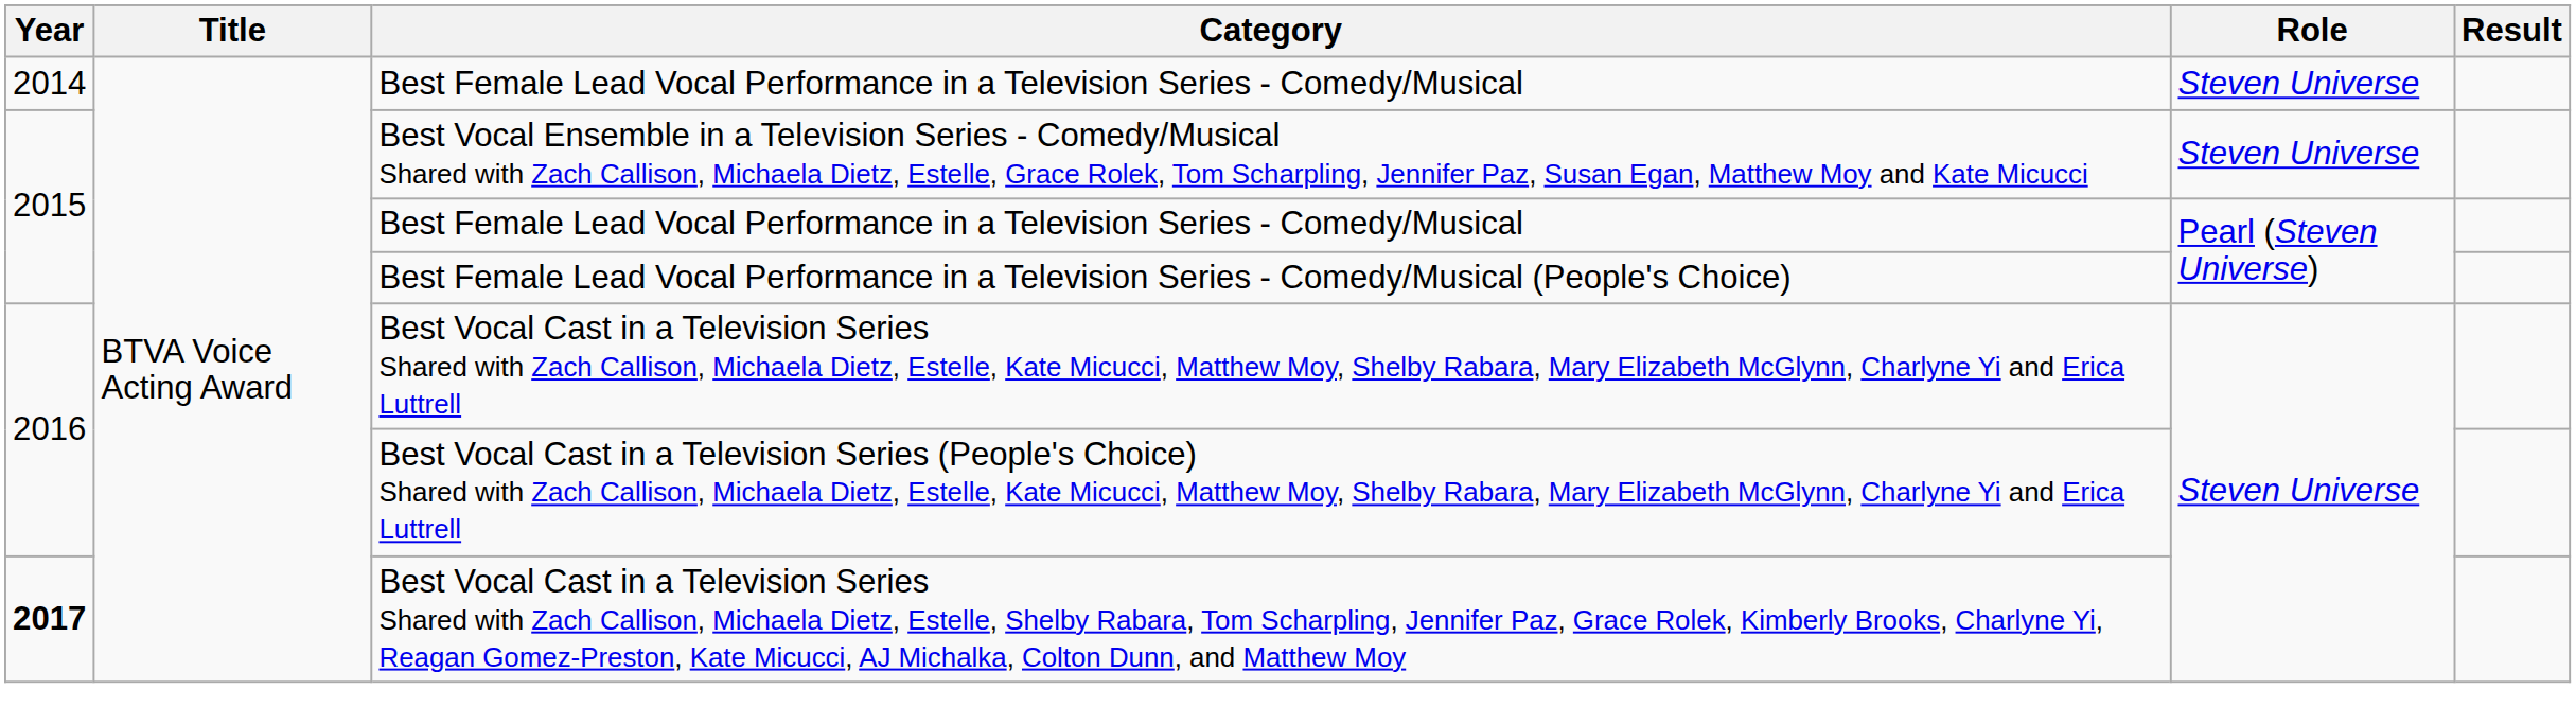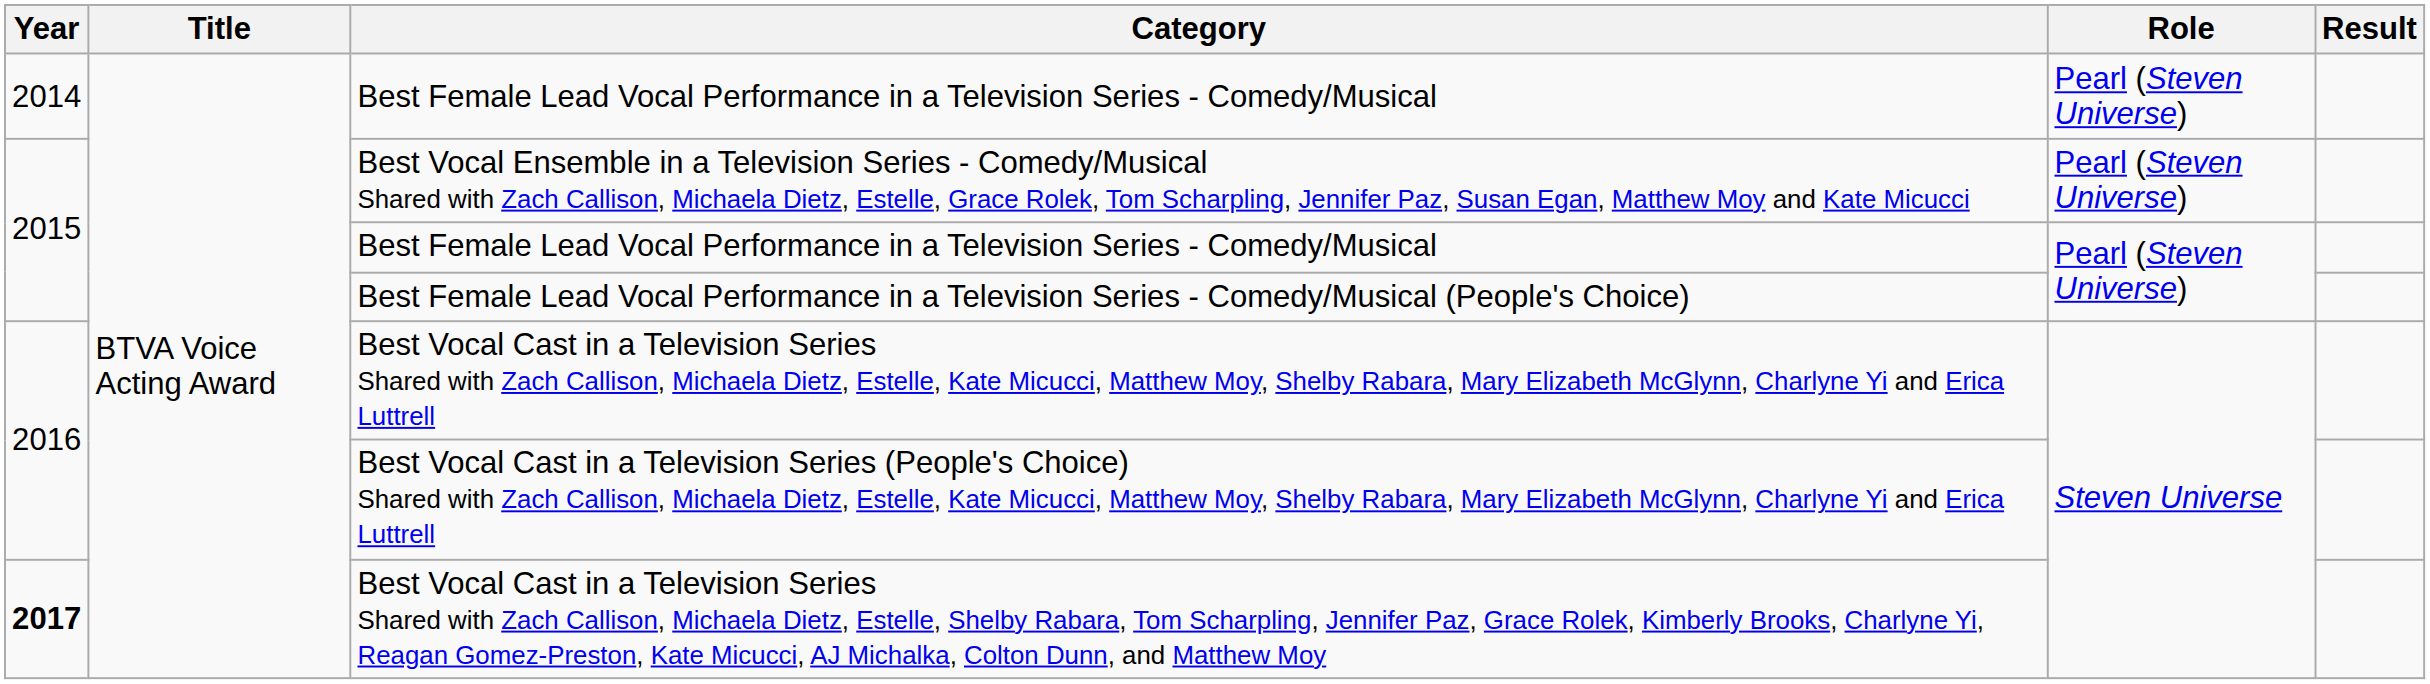 <table class="wikitable">
 <tr>
 <th>Year</th>
 <th>Title</th>
 <th>Category</th>
 <th>Role</th>
 <th>Result</th>
 </tr>
 <tr>
 <td>2014</td>
 <td rowspan="7">BTVA Voice Acting Award</td>
 <td>Best Female Lead Vocal Performance in a Television Series - Comedy/Musical</td>
-<td><em><a href='#'>Steven Universe</a></em></td>
+<td><a href='#'>Pearl</a> (<em><a href='#'>Steven Universe</a></em>)</td>
 <td></td>
 </tr>
 <tr>
 <td rowspan="3">2015</td>
 <td>Best Vocal Ensemble in a Television Series - Comedy/Musical<br><small>Shared with <a href='#'>Zach Callison</a>, <a href='#'>Michaela Dietz</a>, <a href='#'>Estelle</a>, <a href='#'>Grace Rolek</a>, <a href='#'>Tom Scharpling</a>, <a href='#'>Jennifer Paz</a>, <a href='#'>Susan Egan</a>, <a href='#'>Matthew Moy</a> and <a href='#'>Kate Micucci</a></small></td>
-<td><em><a href='#'>Steven Universe</a></em></td>
+<td><a href='#'>Pearl</a> (<em><a href='#'>Steven Universe</a></em>)</td>
 <td></td>
 </tr>
 <tr>
 <td>Best Female Lead Vocal Performance in a Television Series - Comedy/Musical</td>
 <td rowspan="2"><a href='#'>Pearl</a> (<em><a href='#'>Steven Universe</a></em>)</td>
 <td></td>
 </tr>
 <tr>
 <td>Best Female Lead Vocal Performance in a Television Series - Comedy/Musical (People's Choice)</td>
 <td></td>
 </tr>
 <tr>
 <td rowspan="2">2016</td>
 <td>Best Vocal Cast in a Television Series<br><small>Shared with <a href='#'>Zach Callison</a>, <a href='#'>Michaela Dietz</a>, <a href='#'>Estelle</a>, <a href='#'>Kate Micucci</a>, <a href='#'>Matthew Moy</a>, <a href='#'>Shelby Rabara</a>, <a href='#'>Mary Elizabeth McGlynn</a>, <a href='#'>Charlyne Yi</a> and <a href='#'>Erica Luttrell</a></small></td>
 <td rowspan="3"><em><a href='#'>Steven Universe</a></em></td>
 <td></td>
 </tr>
 <tr>
 <td>Best Vocal Cast in a Television Series (People's Choice)<br><small>Shared with <a href='#'>Zach Callison</a>, <a href='#'>Michaela Dietz</a>, <a href='#'>Estelle</a>, <a href='#'>Kate Micucci</a>, <a href='#'>Matthew Moy</a>, <a href='#'>Shelby Rabara</a>, <a href='#'>Mary Elizabeth McGlynn</a>, <a href='#'>Charlyne Yi</a> and <a href='#'>Erica Luttrell</a></small></td>
 <td></td>
 </tr>
 <tr>
 <td><strong>2017</strong></td>
 <td>Best Vocal Cast in a Television Series<br><small>Shared with <a href='#'>Zach Callison</a>, <a href='#'>Michaela Dietz</a>, <a href='#'>Estelle</a>, <a href='#'>Shelby Rabara</a>, <a href='#'>Tom Scharpling</a>, <a href='#'>Jennifer Paz</a>, <a href='#'>Grace Rolek</a>, <a href='#'>Kimberly Brooks</a>, <a href='#'>Charlyne Yi</a>, <a href='#'>Reagan Gomez-Preston</a>, <a href='#'>Kate Micucci</a>, <a href='#'>AJ Michalka</a>, <a href='#'>Colton Dunn</a>, and <a href='#'>Matthew Moy</a></small></td>
 <td></td>
 </tr>
 </table>
